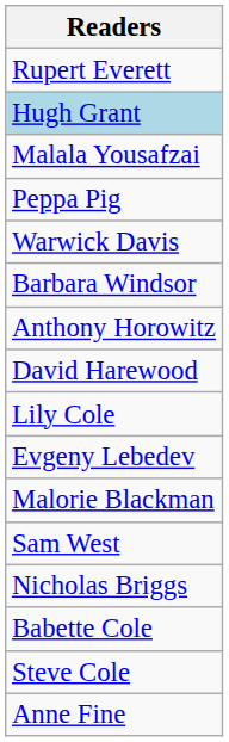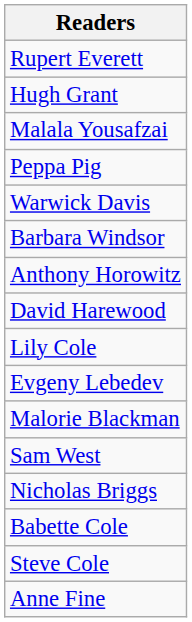 <table class="wikitable">
 <tr>
 <th>Readers</th>
 </tr>
 <tr>
 <td><a href='#'>Rupert Everett</a></td>
 </tr>
 <tr>
-<td style="background: lightblue;"><a href='#'>Hugh Grant</a></td>
+<td><a href='#'>Hugh Grant</a></td>
 </tr>
 <tr>
 <td><a href='#'>Malala Yousafzai</a></td>
 </tr>
 <tr>
 <td><a href='#'>Peppa Pig</a></td>
 </tr>
 <tr>
 <td><a href='#'>Warwick Davis</a></td>
 </tr>
 <tr>
 <td><a href='#'>Barbara Windsor</a></td>
 </tr>
 <tr>
 <td><a href='#'>Anthony Horowitz</a></td>
 </tr>
 <tr>
 <td><a href='#'>David Harewood</a></td>
 </tr>
 <tr>
 <td><a href='#'>Lily Cole</a></td>
 </tr>
 <tr>
 <td><a href='#'>Evgeny Lebedev</a></td>
 </tr>
 <tr>
 <td><a href='#'>Malorie Blackman</a></td>
 </tr>
 <tr>
 <td><a href='#'>Sam West</a></td>
 </tr>
 <tr>
 <td><a href='#'>Nicholas Briggs</a></td>
 </tr>
 <tr>
 <td><a href='#'>Babette Cole</a></td>
 </tr>
 <tr>
 <td><a href='#'>Steve Cole</a></td>
 </tr>
 <tr>
 <td><a href='#'>Anne Fine</a></td>
 </tr>
 </table>
